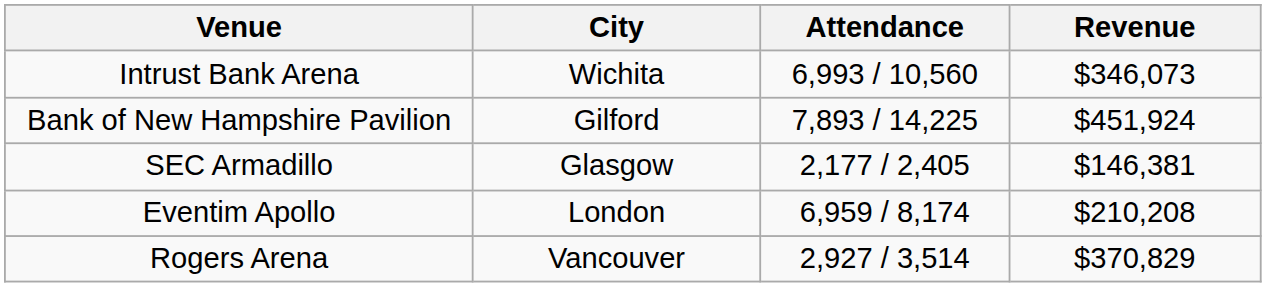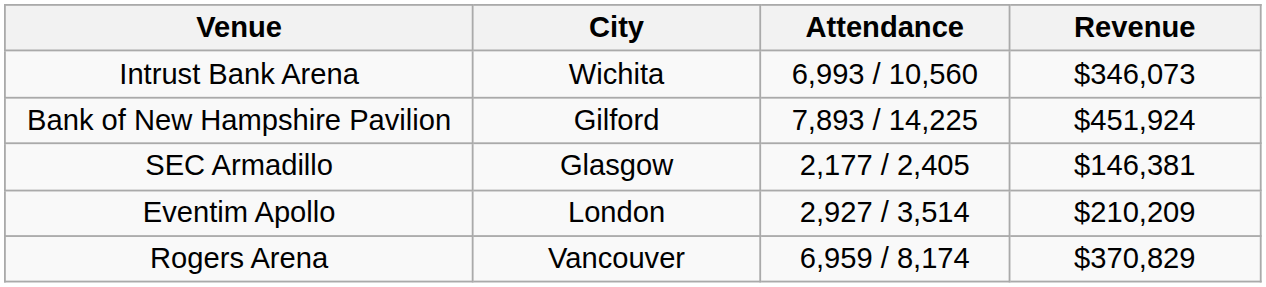 <table class="wikitable" style="text-align:center;">
 <tr>
 <th style="width:250px;">Venue</th>
 <th style="width:150px;">City</th>
 <th style="width:130px;">Attendance</th>
 <th style="width:130px;">Revenue</th>
 </tr>
 <tr>
 <td>Intrust Bank Arena</td>
 <td>Wichita</td>
 <td>6,993 / 10,560</td>
 <td>$346,073</td>
 </tr>
 <tr>
 <td>Bank of New Hampshire Pavilion</td>
 <td>Gilford</td>
 <td>7,893 / 14,225</td>
 <td>$451,924</td>
 </tr>
 <tr>
 <td>SEC Armadillo</td>
 <td>Glasgow</td>
 <td>2,177 / 2,405</td>
 <td>$146,381</td>
 </tr>
 <tr>
 <td>Eventim Apollo</td>
 <td>London</td>
-<td>6,959 / 8,174</td>
-<td>$210,208</td>
+<td>2,927 / 3,514</td>
+<td>$210,209</td>
 </tr>
 <tr>
 <td>Rogers Arena</td>
 <td>Vancouver</td>
-<td>2,927 / 3,514</td>
+<td>6,959 / 8,174</td>
 <td>$370,829</td>
 </tr>
 </table>
